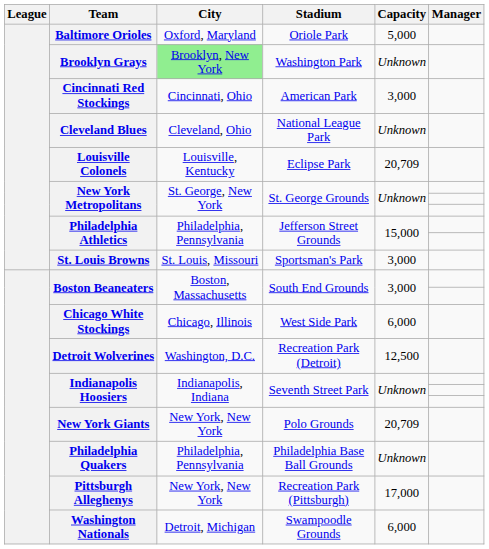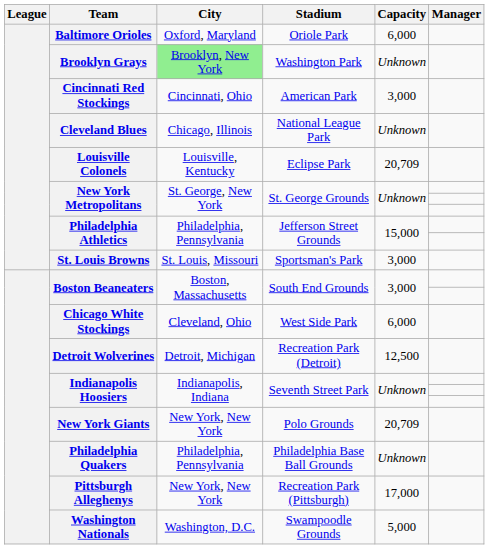 <table class="wikitable sortable plainrowheaders" style="text-align:center;">
 <tr>
 <th scope="col">League</th>
 <th scope="col">Team</th>
 <th scope="col">City</th>
 <th scope="col">Stadium</th>
 <th scope="col">Capacity</th>
 <th scope="col">Manager</th>
 </tr>
 <tr>
 <th rowspan="11"></th>
 <th scope="row"><a href='#'>Baltimore Orioles</a></th>
 <td><a href='#'>Oxford</a>, <a href='#'>Maryland</a></td>
 <td><a href='#'>Oriole Park</a></td>
-<td>5,000</td>
+<td>6,000</td>
 <td></td>
 </tr>
 <tr>
 <th scope="row"><a href='#'>Brooklyn Grays</a></th>
 <td style="background: lightgreen;"><a href='#'>Brooklyn</a>, <a href='#'>New York</a></td>
 <td><a href='#'>Washington Park</a></td>
 <td><em>Unknown</em></td>
 <td></td>
 </tr>
 <tr>
 <th scope="row"><a href='#'>Cincinnati Red Stockings</a></th>
 <td><a href='#'>Cincinnati</a>, <a href='#'>Ohio</a></td>
 <td><a href='#'>American Park</a></td>
 <td>3,000</td>
 <td></td>
 </tr>
 <tr>
 <th scope="row"><a href='#'>Cleveland Blues</a></th>
-<td><a href='#'>Cleveland</a>, <a href='#'>Ohio</a></td>
+<td><a href='#'>Chicago</a>, <a href='#'>Illinois</a></td>
 <td><a href='#'>National League Park</a></td>
 <td><em>Unknown</em></td>
 <td></td>
 </tr>
 <tr>
 <th scope="row"><a href='#'>Louisville Colonels</a></th>
 <td><a href='#'>Louisville</a>, <a href='#'>Kentucky</a></td>
 <td><a href='#'>Eclipse Park</a></td>
 <td>20,709</td>
 <td></td>
 </tr>
 <tr>
 <th rowspan="3" scope="row"><a href='#'>New York Metropolitans</a></th>
 <td rowspan="3"><a href='#'>St. George</a>, <a href='#'>New York</a></td>
 <td rowspan="3"><a href='#'>St. George Grounds</a></td>
 <td rowspan="3"><em>Unknown</em></td>
 <td></td>
 </tr>
 <tr>
 <td></td>
 </tr>
 <tr>
 <td></td>
 </tr>
 <tr>
 <th rowspan="2" scope="row"><a href='#'>Philadelphia Athletics</a></th>
 <td rowspan="2"><a href='#'>Philadelphia</a>, <a href='#'>Pennsylvania</a></td>
 <td rowspan="2"><a href='#'>Jefferson Street Grounds</a></td>
 <td rowspan="2">15,000</td>
 <td></td>
 </tr>
 <tr>
 <td></td>
 </tr>
 <tr>
 <th scope="row"><a href='#'>St. Louis Browns</a></th>
 <td><a href='#'>St. Louis</a>, <a href='#'>Missouri</a></td>
 <td><a href='#'>Sportsman's Park</a></td>
 <td>3,000</td>
 <td></td>
 </tr>
 <tr>
 <th rowspan="11"></th>
 <th rowspan="2" scope="row"><a href='#'>Boston Beaneaters</a></th>
 <td rowspan="2"><a href='#'>Boston</a>, <a href='#'>Massachusetts</a></td>
 <td rowspan="2"><a href='#'>South End Grounds</a></td>
 <td rowspan="2">3,000</td>
 <td></td>
 </tr>
 <tr>
 <td></td>
 </tr>
 <tr>
 <th scope="row"><a href='#'>Chicago White Stockings</a></th>
-<td><a href='#'>Chicago</a>, <a href='#'>Illinois</a></td>
+<td><a href='#'>Cleveland</a>, <a href='#'>Ohio</a></td>
 <td><a href='#'>West Side Park</a></td>
 <td>6,000</td>
 <td></td>
 </tr>
 <tr>
 <th scope="row"><a href='#'>Detroit Wolverines</a></th>
-<td><a href='#'>Washington, D.C.</a></td>
+<td><a href='#'>Detroit</a>, <a href='#'>Michigan</a></td>
 <td><a href='#'>Recreation Park (Detroit)</a></td>
 <td>12,500</td>
 <td></td>
 </tr>
 <tr>
 <th rowspan="3" scope="row"><a href='#'>Indianapolis Hoosiers</a></th>
 <td rowspan="3"><a href='#'>Indianapolis</a>, <a href='#'>Indiana</a></td>
 <td rowspan="3"><a href='#'>Seventh Street Park</a></td>
 <td rowspan="3"><em>Unknown</em></td>
 <td></td>
 </tr>
 <tr>
 <td></td>
 </tr>
 <tr>
 <td></td>
 </tr>
 <tr>
 <th scope="row"><a href='#'>New York Giants</a></th>
 <td><a href='#'>New York</a>, <a href='#'>New York</a></td>
 <td><a href='#'>Polo Grounds</a></td>
 <td>20,709</td>
 <td></td>
 </tr>
 <tr>
 <th scope="row"><a href='#'>Philadelphia Quakers</a></th>
 <td><a href='#'>Philadelphia</a>, <a href='#'>Pennsylvania</a></td>
 <td><a href='#'>Philadelphia Base Ball Grounds</a></td>
 <td><em>Unknown</em></td>
 <td></td>
 </tr>
 <tr>
 <th scope="row"><a href='#'>Pittsburgh Alleghenys</a></th>
 <td><a href='#'>New York</a>, <a href='#'>New York</a></td>
 <td><a href='#'>Recreation Park (Pittsburgh)</a></td>
 <td>17,000</td>
 <td></td>
 </tr>
 <tr>
 <th scope="row"><a href='#'>Washington Nationals</a></th>
-<td><a href='#'>Detroit</a>, <a href='#'>Michigan</a></td>
+<td><a href='#'>Washington, D.C.</a></td>
 <td><a href='#'>Swampoodle Grounds</a></td>
-<td>6,000</td>
+<td>5,000</td>
 <td></td>
 </tr>
 </table>
